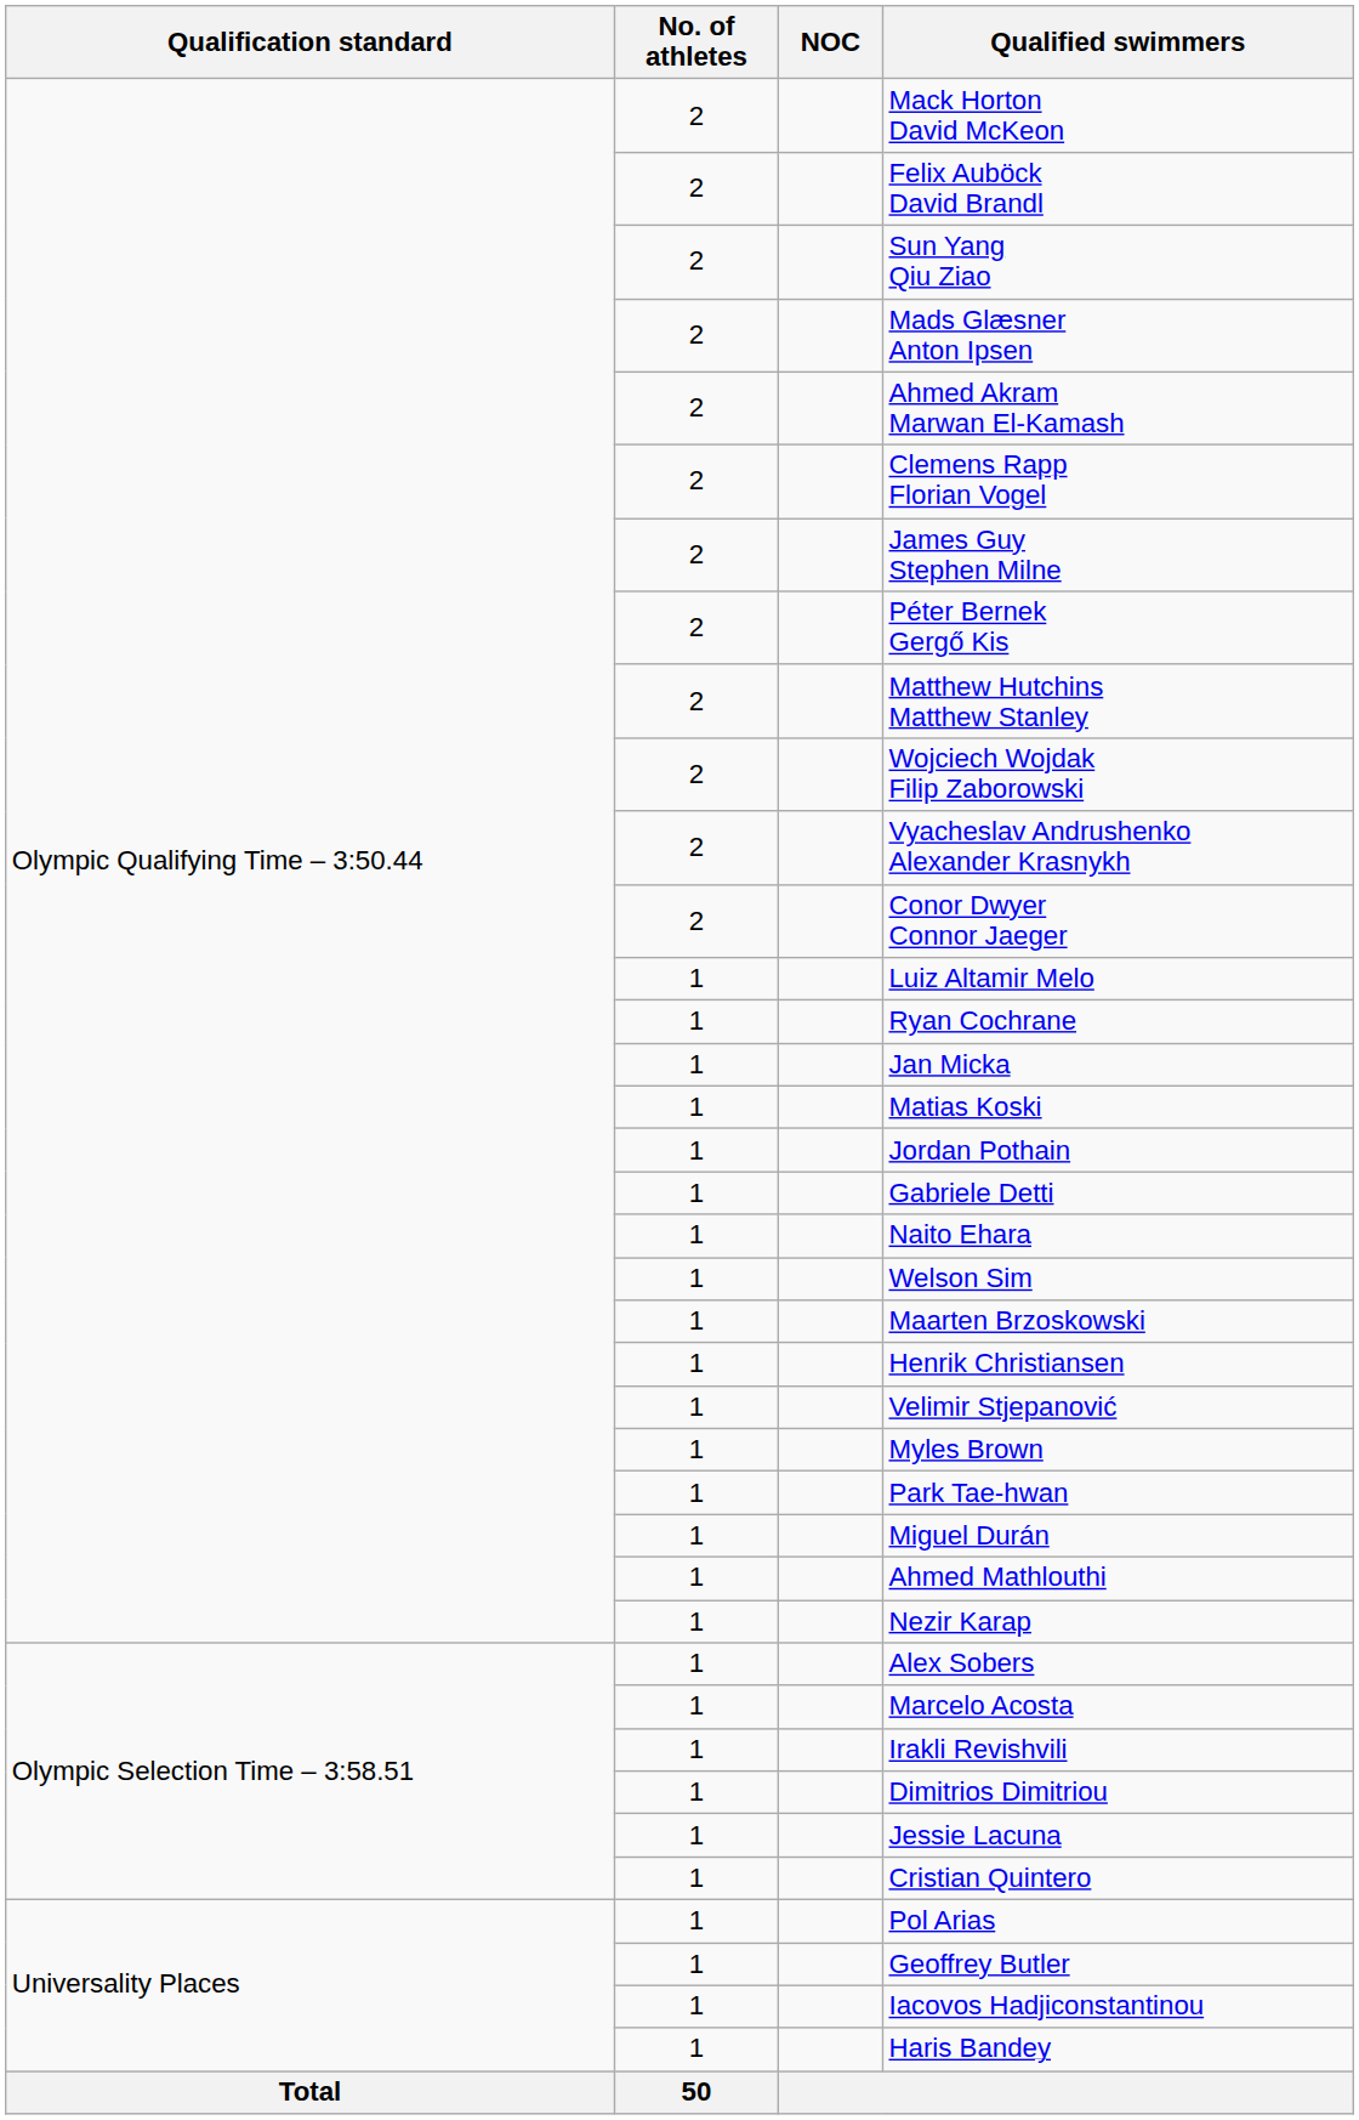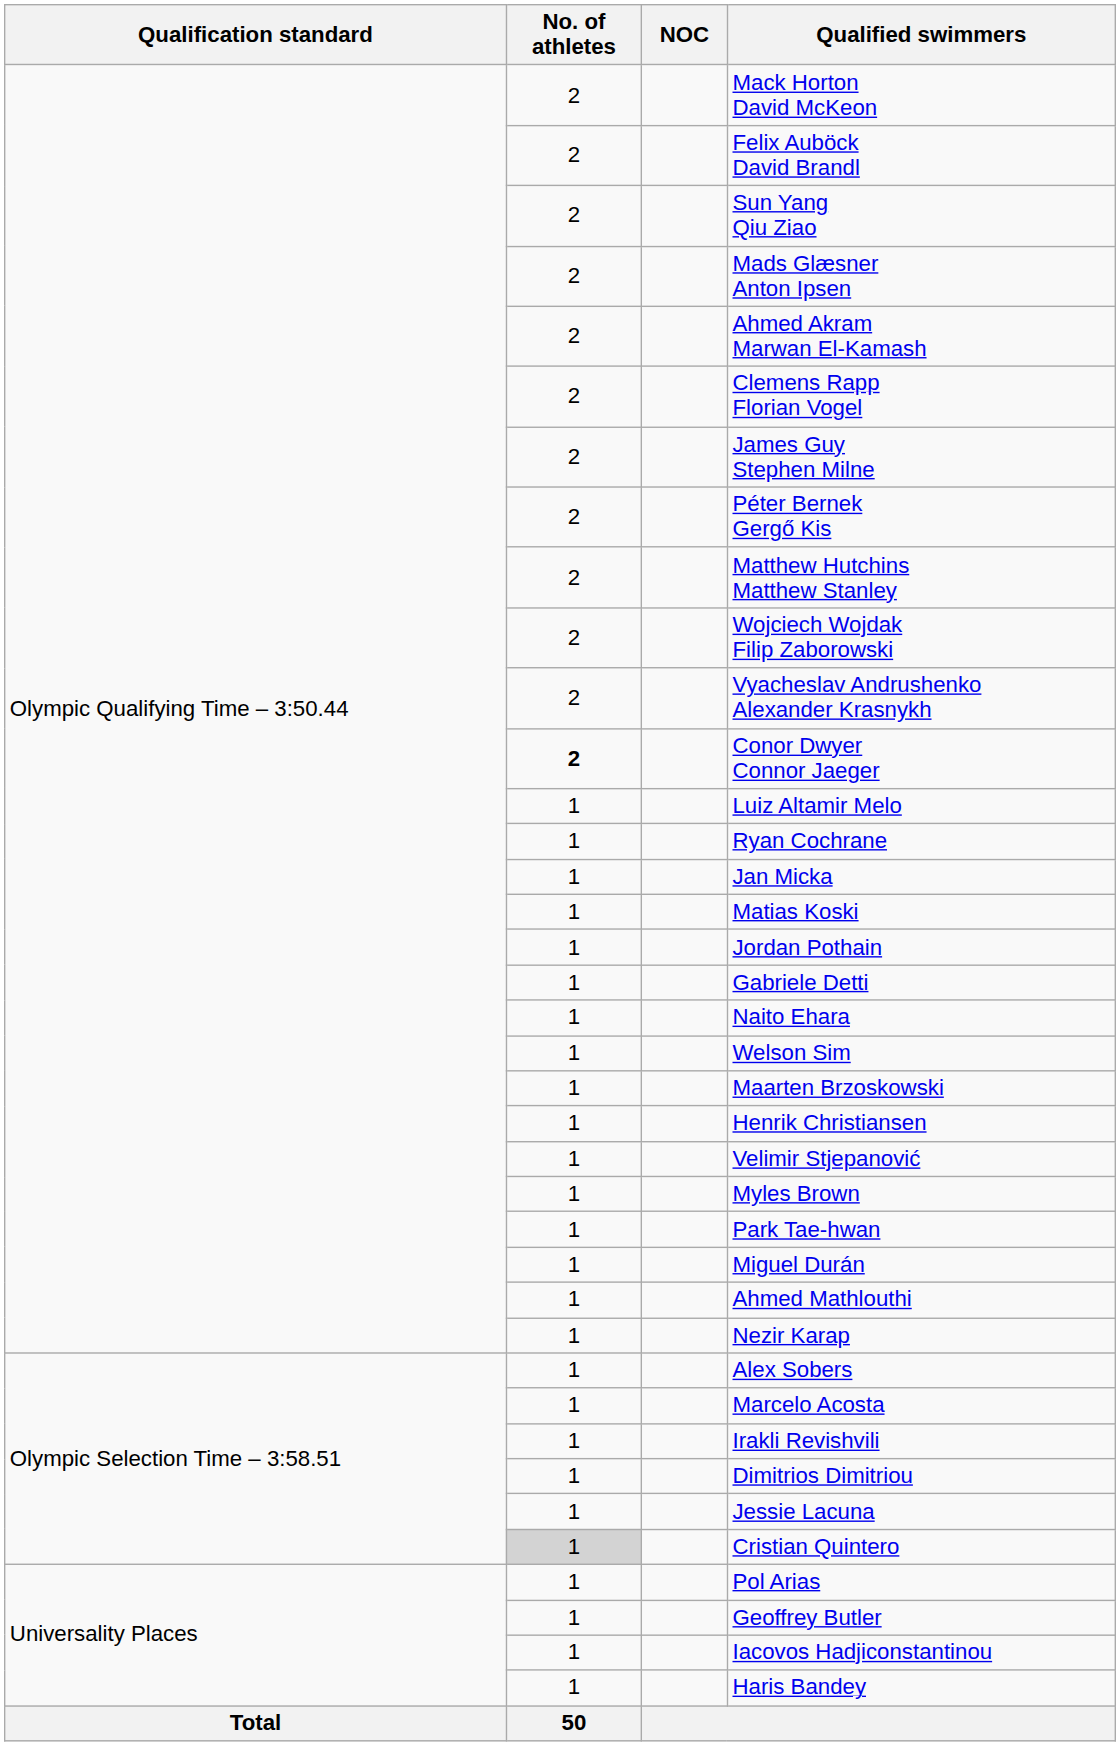 <table class=wikitable style="text-align:left" width=800>
 <tr>
 <th>Qualification standard</th>
 <th width=90>No. of athletes</th>
 <th>NOC</th>
 <th>Qualified swimmers</th>
 </tr>
 <tr>
 <td rowspan=28>Olympic Qualifying Time – 3:50.44</td>
 <td align=center>2</td>
 <td></td>
 <td><a href='#'>Mack Horton</a><br><a href='#'>David McKeon</a></td>
 </tr>
 <tr>
 <td align=center>2</td>
 <td></td>
 <td><a href='#'>Felix Auböck</a><br><a href='#'>David Brandl</a></td>
 </tr>
 <tr>
 <td align=center>2</td>
 <td></td>
 <td><a href='#'>Sun Yang</a><br><a href='#'>Qiu Ziao</a></td>
 </tr>
 <tr>
 <td align=center>2</td>
 <td></td>
 <td><a href='#'>Mads Glæsner</a><br><a href='#'>Anton Ipsen</a></td>
 </tr>
 <tr>
 <td align=center>2</td>
 <td></td>
 <td><a href='#'>Ahmed Akram</a><br><a href='#'>Marwan El-Kamash</a></td>
 </tr>
 <tr>
 <td align=center>2</td>
 <td></td>
 <td><a href='#'>Clemens Rapp</a><br><a href='#'>Florian Vogel</a></td>
 </tr>
 <tr>
 <td align=center>2</td>
 <td></td>
 <td><a href='#'>James Guy</a><br><a href='#'>Stephen Milne</a></td>
 </tr>
 <tr>
 <td align=center>2</td>
 <td></td>
 <td><a href='#'>Péter Bernek</a><br><a href='#'>Gergő Kis</a></td>
 </tr>
 <tr>
 <td align=center>2</td>
 <td></td>
 <td><a href='#'>Matthew Hutchins</a><br><a href='#'>Matthew Stanley</a></td>
 </tr>
 <tr>
 <td align=center>2</td>
 <td></td>
 <td><a href='#'>Wojciech Wojdak</a><br><a href='#'>Filip Zaborowski</a></td>
 </tr>
 <tr>
 <td align=center>2</td>
 <td></td>
 <td><a href='#'>Vyacheslav Andrushenko</a><br><a href='#'>Alexander Krasnykh</a></td>
 </tr>
 <tr>
-<td align=center>2</td>
+<td align=center><strong>2</strong></td>
 <td></td>
 <td><a href='#'>Conor Dwyer</a><br><a href='#'>Connor Jaeger</a></td>
 </tr>
 <tr>
 <td align=center>1</td>
 <td></td>
 <td><a href='#'>Luiz Altamir Melo</a></td>
 </tr>
 <tr>
 <td align=center>1</td>
 <td></td>
 <td><a href='#'>Ryan Cochrane</a></td>
 </tr>
 <tr>
 <td align=center>1</td>
 <td></td>
 <td><a href='#'>Jan Micka</a></td>
 </tr>
 <tr>
 <td align=center>1</td>
 <td></td>
 <td><a href='#'>Matias Koski</a></td>
 </tr>
 <tr>
 <td align=center>1</td>
 <td></td>
 <td><a href='#'>Jordan Pothain</a></td>
 </tr>
 <tr>
 <td align=center>1</td>
 <td></td>
 <td><a href='#'>Gabriele Detti</a></td>
 </tr>
 <tr>
 <td align=center>1</td>
 <td></td>
 <td><a href='#'>Naito Ehara</a></td>
 </tr>
 <tr>
 <td align=center>1</td>
 <td></td>
 <td><a href='#'>Welson Sim</a></td>
 </tr>
 <tr>
 <td align=center>1</td>
 <td></td>
 <td><a href='#'>Maarten Brzoskowski</a></td>
 </tr>
 <tr>
 <td align=center>1</td>
 <td></td>
 <td><a href='#'>Henrik Christiansen</a></td>
 </tr>
 <tr>
 <td align=center>1</td>
 <td></td>
 <td><a href='#'>Velimir Stjepanović</a></td>
 </tr>
 <tr>
 <td align=center>1</td>
 <td></td>
 <td><a href='#'>Myles Brown</a></td>
 </tr>
 <tr>
 <td align=center>1</td>
 <td></td>
 <td><a href='#'>Park Tae-hwan</a></td>
 </tr>
 <tr>
 <td align=center>1</td>
 <td></td>
 <td><a href='#'>Miguel Durán</a></td>
 </tr>
 <tr>
 <td align=center>1</td>
 <td></td>
 <td><a href='#'>Ahmed Mathlouthi</a></td>
 </tr>
 <tr>
 <td align=center>1</td>
 <td></td>
 <td><a href='#'>Nezir Karap</a></td>
 </tr>
 <tr>
 <td rowspan=6>Olympic Selection Time – 3:58.51</td>
 <td align=center>1</td>
 <td></td>
 <td><a href='#'>Alex Sobers</a></td>
 </tr>
 <tr>
 <td align=center>1</td>
 <td></td>
 <td><a href='#'>Marcelo Acosta</a></td>
 </tr>
 <tr>
 <td align=center>1</td>
 <td></td>
 <td><a href='#'>Irakli Revishvili</a></td>
 </tr>
 <tr>
 <td align=center>1</td>
 <td></td>
 <td><a href='#'>Dimitrios Dimitriou</a></td>
 </tr>
 <tr>
 <td align=center>1</td>
 <td></td>
 <td><a href='#'>Jessie Lacuna</a></td>
 </tr>
 <tr>
-<td align=center>1</td>
+<td align=center style="background: lightgrey;">1</td>
 <td></td>
 <td><a href='#'>Cristian Quintero</a></td>
 </tr>
 <tr>
 <td rowspan=4>Universality Places</td>
 <td align=center>1</td>
 <td></td>
 <td><a href='#'>Pol Arias</a></td>
 </tr>
 <tr>
 <td align=center>1</td>
 <td></td>
 <td><a href='#'>Geoffrey Butler</a></td>
 </tr>
 <tr>
 <td align=center>1</td>
 <td></td>
 <td><a href='#'>Iacovos Hadjiconstantinou</a></td>
 </tr>
 <tr>
 <td align=center>1</td>
 <td></td>
 <td><a href='#'>Haris Bandey</a></td>
 </tr>
 <tr>
 <th><strong>Total</strong></th>
 <th>50</th>
 <th colspan=2></th>
 </tr>
 </table>
